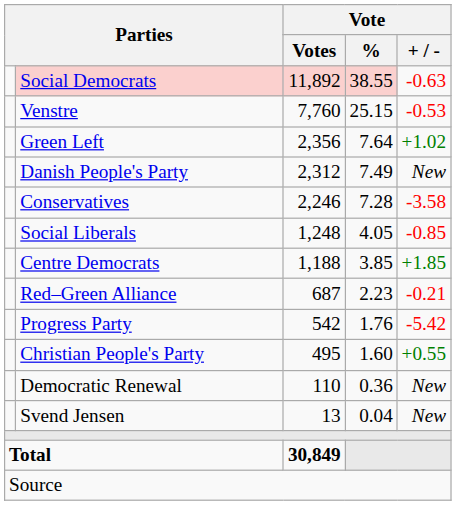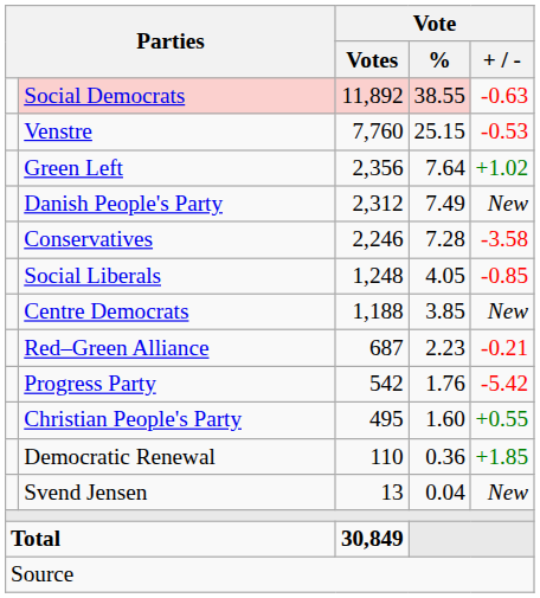 <table class="wikitable" style="text-align:right;">
 <tr>
 <th style="text-align:centre;" rowspan="2" colspan="2" width="225">Parties</th>
 <th colspan="3">Vote</th>
 </tr>
 <tr>
 <th width="15">Votes</th>
 <th width="15">%</th>
 <th width="15">+ / -</th>
 </tr>
 <tr>
 <td width="2" style="color:inherit;background:"></td>
 <td bgcolor=#fbd0ce  align="left"><a href='#'>Social Democrats</a></td>
 <td bgcolor=#fbd0ce>11,892</td>
 <td bgcolor=#fbd0ce>38.55</td>
 <td style=color:red;>-0.63</td>
 </tr>
 <tr>
 <td width="2" style="color:inherit;background:"></td>
 <td align="left"><a href='#'>Venstre</a></td>
 <td>7,760</td>
 <td>25.15</td>
 <td style=color:red;>-0.53</td>
 </tr>
 <tr>
 <td width="2" style="color:inherit;background:"></td>
 <td align="left"><a href='#'>Green Left</a></td>
 <td>2,356</td>
 <td>7.64</td>
 <td style=color:green;>+1.02</td>
 </tr>
 <tr>
 <td width="2" style="color:inherit;background:"></td>
 <td align="left"><a href='#'>Danish People's Party</a></td>
 <td>2,312</td>
 <td>7.49</td>
 <td><em>New</em></td>
 </tr>
 <tr>
 <td width="2" style="color:inherit;background:"></td>
 <td align="left"><a href='#'>Conservatives</a></td>
 <td>2,246</td>
 <td>7.28</td>
 <td style=color:red;>-3.58</td>
 </tr>
 <tr>
 <td width="2" style="color:inherit;background:"></td>
 <td align="left"><a href='#'>Social Liberals</a></td>
 <td>1,248</td>
 <td>4.05</td>
 <td style=color:red;>-0.85</td>
 </tr>
 <tr>
 <td width="2" style="color:inherit;background:"></td>
 <td align="left"><a href='#'>Centre Democrats</a></td>
 <td>1,188</td>
 <td>3.85</td>
-<td style=color:green;>+1.85</td>
+<td><em>New</em></td>
 </tr>
 <tr>
 <td width="2" style="color:inherit;background:"></td>
 <td align="left"><a href='#'>Red–Green Alliance</a></td>
 <td>687</td>
 <td>2.23</td>
 <td style=color:red;>-0.21</td>
 </tr>
 <tr>
 <td width="2" style="color:inherit;background:"></td>
 <td align="left"><a href='#'>Progress Party</a></td>
 <td>542</td>
 <td>1.76</td>
 <td style=color:red;>-5.42</td>
 </tr>
 <tr>
 <td width="2" style="color:inherit;background:"></td>
 <td align="left"><a href='#'>Christian People's Party</a></td>
 <td>495</td>
 <td>1.60</td>
 <td style=color:green;>+0.55</td>
 </tr>
 <tr>
 <td width="2" style="color:inherit;background:"></td>
 <td align="left">Democratic Renewal</td>
 <td>110</td>
 <td>0.36</td>
-<td><em>New</em></td>
+<td style=color:green;>+1.85</td>
 </tr>
 <tr>
 <td width="2" style="color:inherit;background:"></td>
 <td align="left">Svend Jensen</td>
 <td>13</td>
 <td>0.04</td>
 <td><em>New</em></td>
 </tr>
 <tr>
 <td colspan="7" bgcolor="#E9E9E9"></td>
 </tr>
 <tr>
 <td align="left" colspan="2"><strong>Total</strong></td>
 <td><strong>30,849</strong></td>
 <td bgcolor="#E9E9E9" colspan="2"></td>
 </tr>
 <tr>
 <td align="left" colspan="6">Source</td>
 </tr>
 </table>
